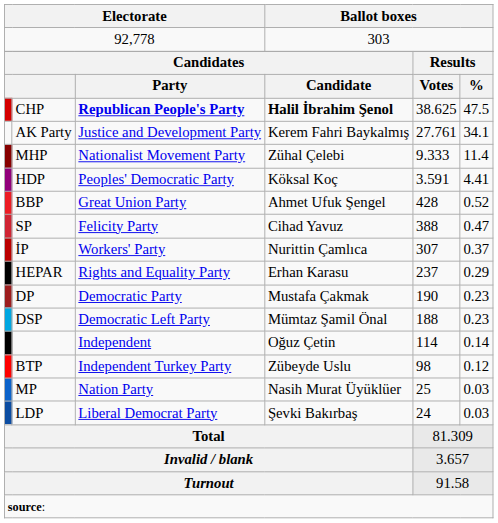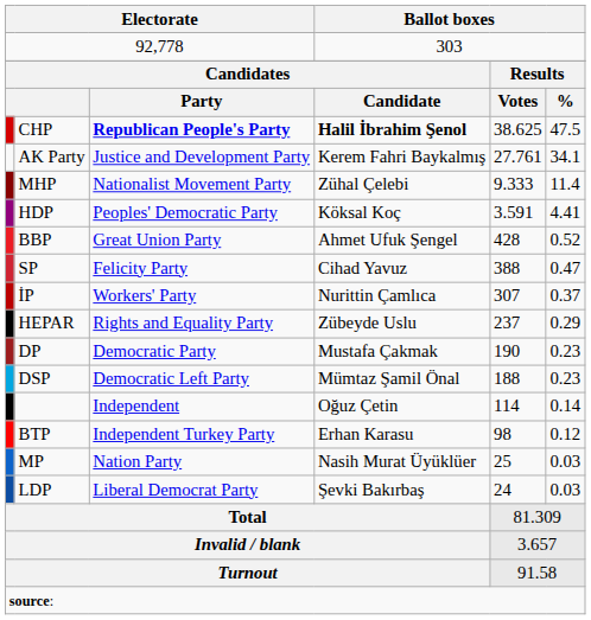 <table class="wikitable">
 <tr style="background-color:#F2F2F2">
 <td align="center" colspan="3"><strong>Electorate</strong></td>
 <td align="center" colspan="7"><strong>Ballot boxes</strong></td>
 </tr>
 <tr align="left">
 <td align="center" colspan="3">92,778</td>
 <td align="center" colspan="7">303</td>
 </tr>
 <tr>
 </tr>
 <tr style="background-color:#E9E9E9">
 </tr>
 <tr>
 <th align="center" colspan="4">Candidates</th>
 <th align="center" colspan="6">Results</th>
 </tr>
 <tr style="background-color:#E9E9E9">
 <th align="center" colspan="2"></th>
 <th align="center">Party</th>
 <th align="center">Candidate</th>
 <th align="center">Votes</th>
 <th align="center">%</th>
 </tr>
 <tr align="left">
 <td bgcolor="#d50000" width=1></td>
 <td>CHP</td>
 <td><strong><a href='#'>Republican People's Party</a></strong></td>
 <td><strong>Halil İbrahim Şenol</strong></td>
 <td>38.625</td>
 <td>47.5</td>
 </tr>
 <tr align="left">
 <td></td>
 <td>AK Party</td>
 <td><a href='#'>Justice and Development Party</a></td>
 <td>Kerem Fahri Baykalmış</td>
 <td>27.761</td>
 <td>34.1</td>
 </tr>
 <tr align="left">
 <td bgcolor="#870000" width=1></td>
 <td>MHP</td>
 <td><a href='#'>Nationalist Movement Party</a></td>
 <td>Zühal Çelebi</td>
 <td>9.333</td>
 <td>11.4</td>
 </tr>
 <tr align="left">
 <td bgcolor="#91007B" width=1></td>
 <td>HDP</td>
 <td><a href='#'>Peoples' Democratic Party</a></td>
 <td>Köksal Koç</td>
 <td>3.591</td>
 <td>4.41</td>
 </tr>
 <tr align="left">
 <td bgcolor="#ED1C24" width=1></td>
 <td>BBP</td>
 <td><a href='#'>Great Union Party</a></td>
 <td>Ahmet Ufuk Şengel</td>
 <td>428</td>
 <td>0.52</td>
 </tr>
 <tr align="left">
 <td bgcolor="#D02433" width=1></td>
 <td>SP</td>
 <td><a href='#'>Felicity Party</a></td>
 <td>Cihad Yavuz</td>
 <td>388</td>
 <td>0.47</td>
 </tr>
 <tr align="left">
 <td bgcolor="#BB0000" width=1></td>
 <td>İP</td>
 <td><a href='#'>Workers' Party</a></td>
 <td>Nurittin Çamlıca</td>
 <td>307</td>
 <td>0.37</td>
 </tr>
 <tr align="left">
 <td bgcolor="#000000" width=1></td>
 <td>HEPAR</td>
 <td><a href='#'>Rights and Equality Party</a></td>
-<td>Erhan Karasu</td>
+<td>Zübeyde Uslu</td>
 <td>237</td>
 <td>0.29</td>
 </tr>
 <tr align="left">
 <td bgcolor="#9D1D1E" width=1></td>
 <td>DP</td>
 <td><a href='#'>Democratic Party</a></td>
 <td>Mustafa Çakmak</td>
 <td>190</td>
 <td>0.23</td>
 </tr>
 <tr align="left">
 <td bgcolor="#01A7E1" width=1></td>
 <td>DSP</td>
 <td><a href='#'>Democratic Left Party</a></td>
 <td>Mümtaz Şamil Önal</td>
 <td>188</td>
 <td>0.23</td>
 </tr>
 <tr align="left">
 <td bgcolor=" " width=1></td>
 <td></td>
 <td><a href='#'>Independent</a></td>
 <td>Oğuz Çetin</td>
 <td>114</td>
 <td>0.14</td>
 </tr>
 <tr align="left">
 <td bgcolor="#FE0000" width=1></td>
 <td>BTP</td>
 <td><a href='#'>Independent Turkey Party</a></td>
-<td>Zübeyde Uslu</td>
+<td>Erhan Karasu</td>
 <td>98</td>
 <td>0.12</td>
 </tr>
 <tr align="left">
 <td bgcolor="#0C63CA" width=1></td>
 <td>MP</td>
 <td><a href='#'>Nation Party</a></td>
 <td>Nasih Murat Üyüklüer</td>
 <td>25</td>
 <td>0.03</td>
 </tr>
 <tr align="left">
 <td bgcolor="#0C4DA2" width=1></td>
 <td>LDP</td>
 <td><a href='#'>Liberal Democrat Party</a></td>
 <td>Şevki Bakırbaş</td>
 <td>24</td>
 <td>0.03</td>
 </tr>
 <tr style="background-color:#E9E9E9" align="left">
 <th align="center" colspan="4"><strong>Total</strong></th>
 <td align="center" colspan="5">81.309</td>
 </tr>
 <tr style="background-color:#E9E9E9" align="left">
 <th align="center" colspan="4"><em>Invalid / blank</em></th>
 <td align="center" colspan="5">3.657</td>
 </tr>
 <tr style="background-color:#E9E9E9" align="left">
 <th align="center" colspan="4"><em>Turnout</em></th>
 <td align="center" colspan="5">91.58</td>
 </tr>
 <tr>
 <td align="left" colspan=10><small><strong>source</strong>: </small></td>
 </tr>
 </table>
